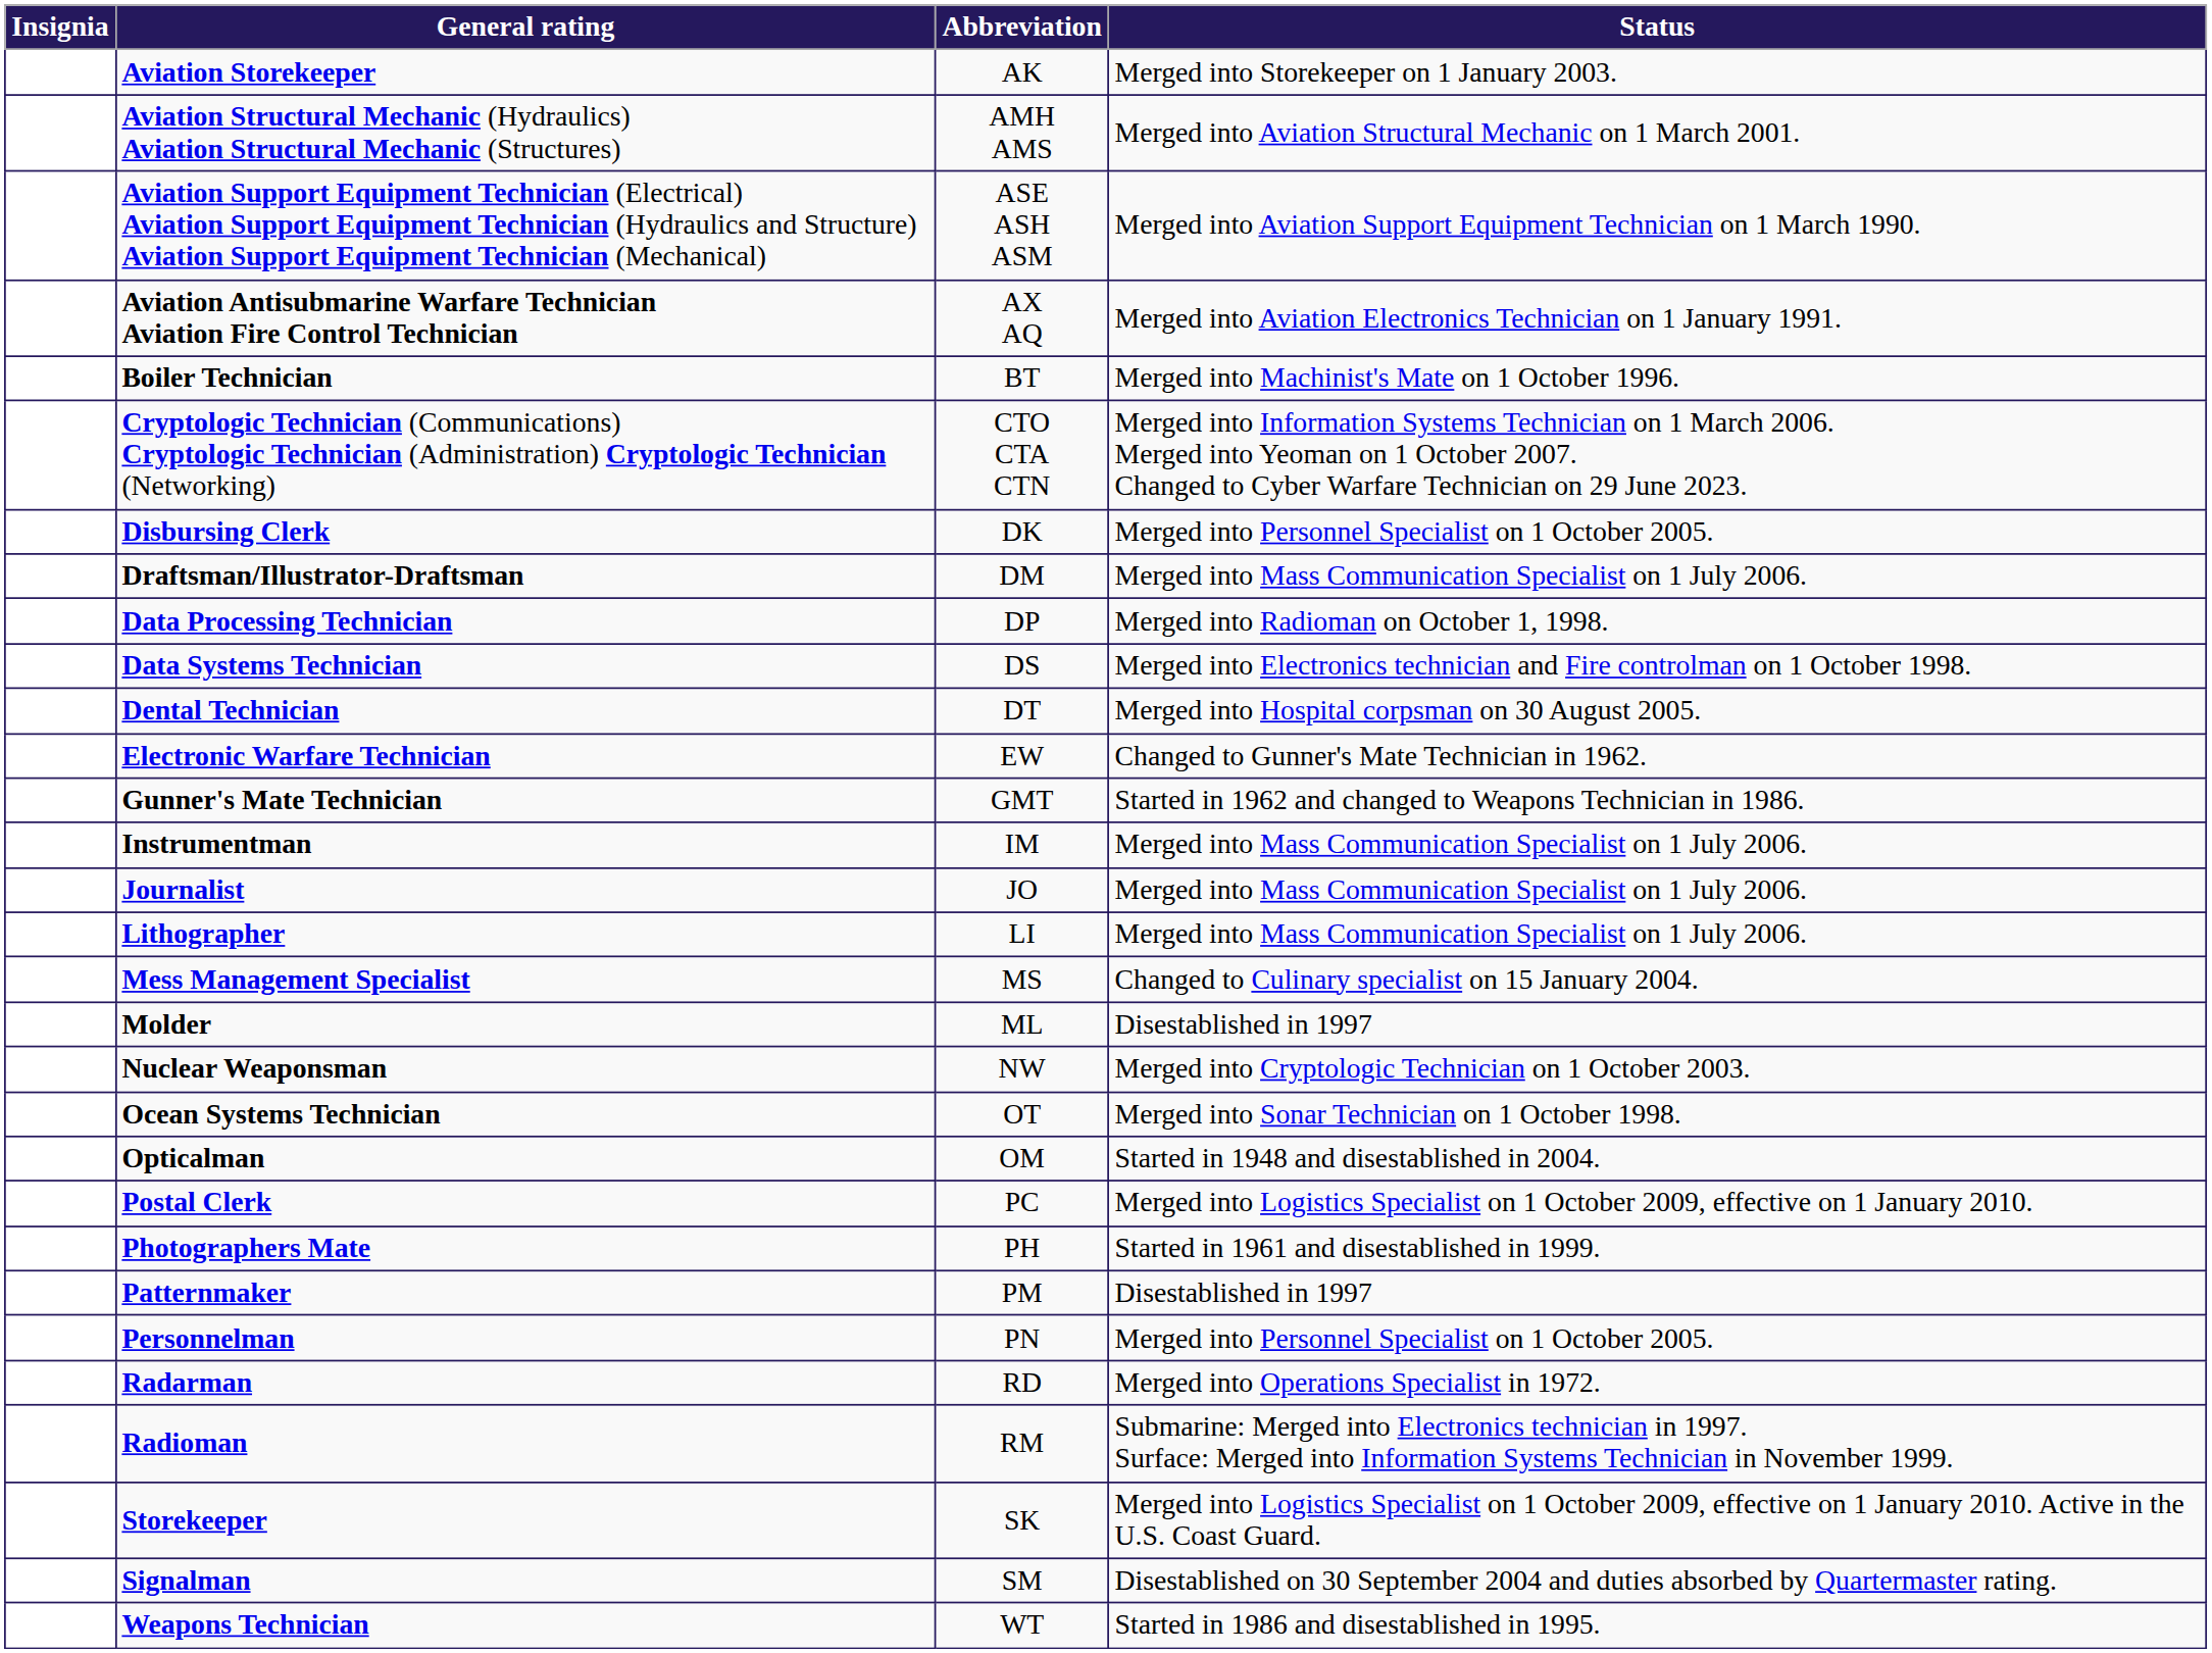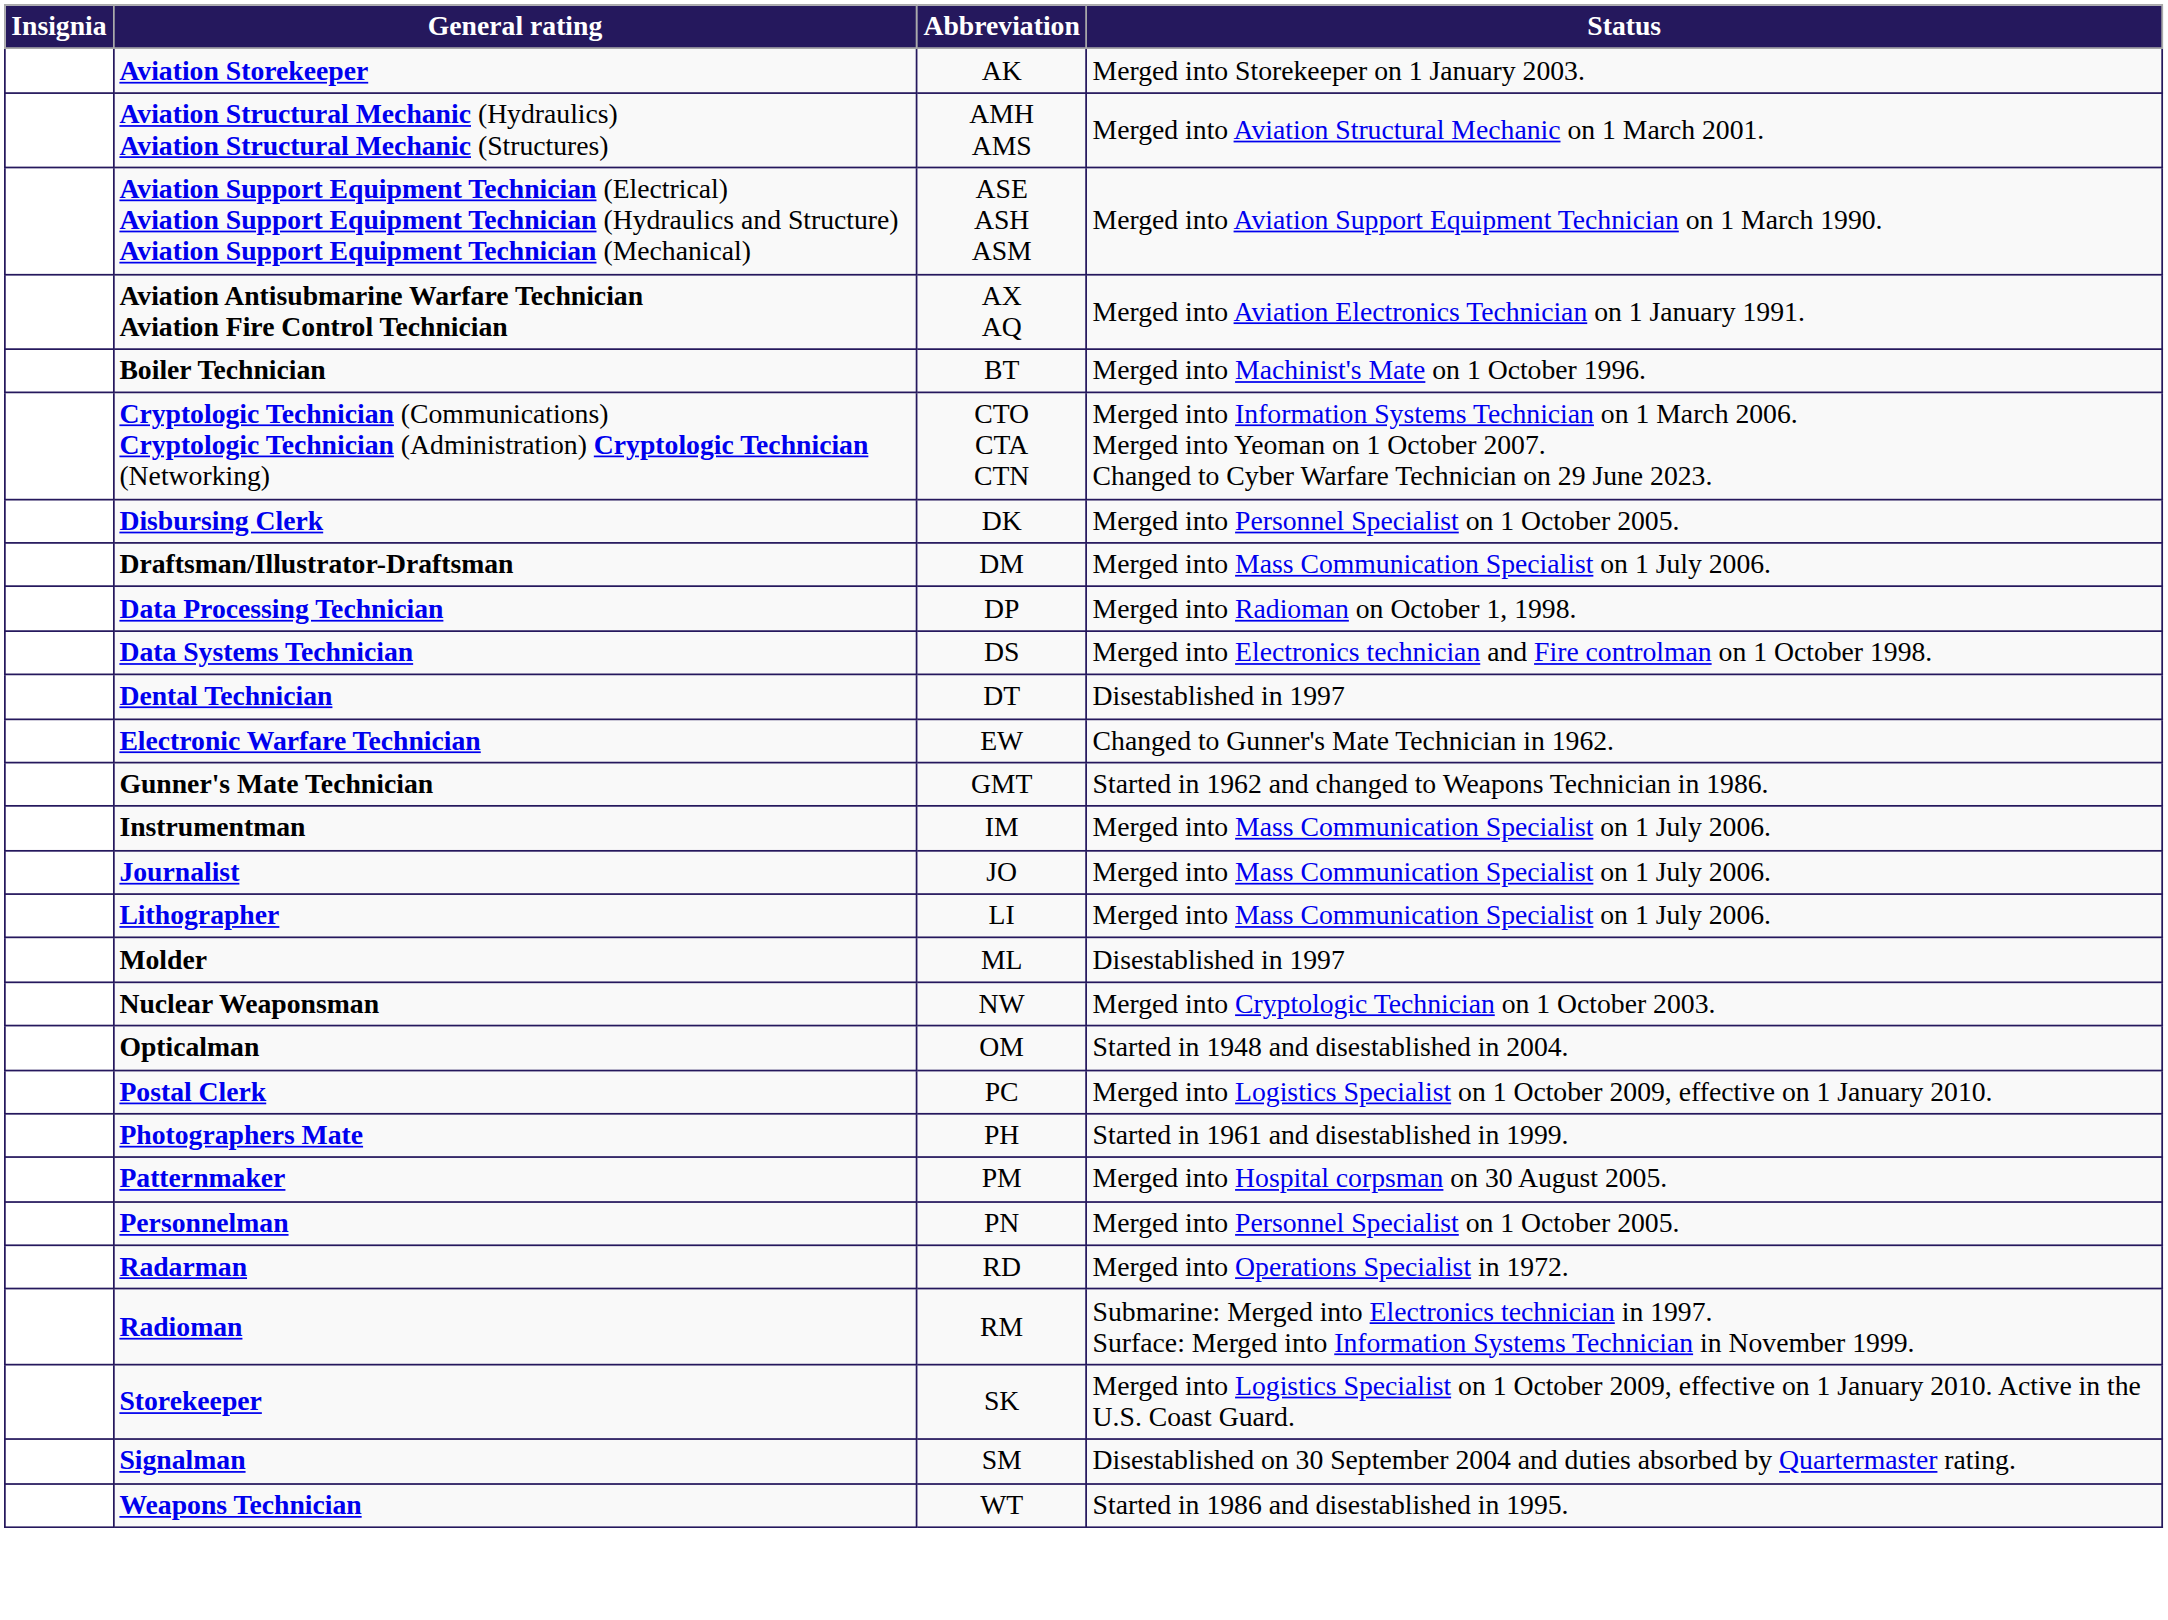 <table class="wikitable" style="border:#25185d;">
 <tr>
 <th style="background:#25185d; color:white;">Insignia</th>
 <th style="background:#25185d; color:white;">General rating</th>
 <th style="background:#25185d; color:white;">Abbreviation</th>
 <th style="background:#25185d; color:white;">Status</th>
 </tr>
 <tr>
 <td style="border:1px solid #25185d; background:#fff;"></td>
 <td style="border: 1px solid #25185d;"><strong><a href='#'>Aviation Storekeeper</a></strong></td>
 <td style="border: 1px solid #25185d; text-align: center">AK</td>
 <td style="border: 1px solid #25185d;">Merged into Storekeeper on 1 January 2003.</td>
 </tr>
 <tr>
 <td style="border:1px solid #25185d; background:#fff;"></td>
 <td style="border: 1px solid #25185d;"><strong><a href='#'>Aviation Structural Mechanic</a></strong> (Hydraulics)<br><strong><a href='#'>Aviation Structural Mechanic</a></strong> (Structures)</td>
 <td style="border: 1px solid #25185d; text-align: center">AMH<br>AMS</td>
 <td style="border: 1px solid #25185d;">Merged into <a href='#'>Aviation Structural Mechanic</a> on 1 March 2001.</td>
 </tr>
 <tr>
 <td style="border:1px solid #25185d; background:#fff;"></td>
 <td style="border: 1px solid #25185d;"><strong><a href='#'>Aviation Support Equipment Technician</a></strong> (Electrical)<br><strong><a href='#'>Aviation Support Equipment Technician</a></strong> (Hydraulics and Structure)<br><strong><a href='#'>Aviation Support Equipment Technician</a></strong> (Mechanical)</td>
 <td style="border: 1px solid #25185d; text-align: center">ASE<br>ASH<br>ASM</td>
 <td style="border: 1px solid #25185d;">Merged into <a href='#'>Aviation Support Equipment Technician</a> on 1 March 1990.</td>
 </tr>
 <tr>
 <td style="border:1px solid #25185d; background:#fff;"></td>
 <td style="border: 1px solid #25185d;"><strong>Aviation Antisubmarine Warfare Technician</strong><br><strong>Aviation Fire Control Technician</strong></td>
 <td style="border: 1px solid #25185d; text-align: center">AX<br>AQ</td>
 <td style="border: 1px solid #25185d;">Merged into <a href='#'>Aviation Electronics Technician</a> on 1 January 1991.</td>
 </tr>
 <tr>
 <td style="border:1px solid #25185d; background:#fff;"></td>
 <td style="border: 1px solid #25185d;"><strong>Boiler Technician</strong></td>
 <td style="border: 1px solid #25185d; text-align: center">BT</td>
 <td style="border: 1px solid #25185d;">Merged into <a href='#'>Machinist's Mate</a> on 1 October 1996.</td>
 </tr>
 <tr>
 <td style="border:1px solid #25185d; background:#fff;"></td>
 <td style="border: 1px solid #25185d;"><strong><a href='#'>Cryptologic Technician</a></strong> (Communications)<br><strong><a href='#'>Cryptologic Technician</a></strong> (Administration) <strong><a href='#'>Cryptologic Technician</a></strong> (Networking)</td>
 <td style="border: 1px solid #25185d; text-align: center">CTO<br>CTA  <br>CTN</td>
 <td style="border: 1px solid #25185d;">Merged into <a href='#'>Information Systems Technician</a> on 1 March 2006.<br>Merged into Yeoman on 1 October 2007. <br>Changed to Cyber Warfare Technician on 29 June 2023.</td>
 </tr>
 <tr>
 <td style="border:1px solid #25185d; background:#fff;"></td>
 <td style="border: 1px solid #25185d;"><strong><a href='#'>Disbursing Clerk</a></strong></td>
 <td style="border: 1px solid #25185d; text-align: center">DK</td>
 <td style="border: 1px solid #25185d;">Merged into <a href='#'>Personnel Specialist</a> on 1 October 2005.</td>
 </tr>
 <tr>
 <td style="border:1px solid #25185d; background:#fff;"></td>
 <td style="border: 1px solid #25185d;"><strong>Draftsman/Illustrator-Draftsman</strong></td>
 <td style="border: 1px solid #25185d; text-align: center">DM</td>
 <td style="border: 1px solid #25185d;">Merged into <a href='#'>Mass Communication Specialist</a> on 1 July 2006.</td>
 </tr>
 <tr>
 <td style="border:1px solid #25185d; background:#fff;"></td>
 <td style="border: 1px solid #25185d;"><strong><a href='#'>Data Processing Technician</a></strong></td>
 <td style="border: 1px solid #25185d; text-align: center">DP</td>
 <td style="border: 1px solid #25185d;">Merged into <a href='#'>Radioman</a> on October 1, 1998.</td>
 </tr>
 <tr>
 <td style="border:1px solid #25185d; background:#fff;"></td>
 <td style="border: 1px solid #25185d;"><strong><a href='#'>Data Systems Technician</a></strong></td>
 <td style="border: 1px solid #25185d; text-align: center">DS</td>
 <td style="border: 1px solid #25185d;">Merged into <a href='#'>Electronics technician</a> and <a href='#'>Fire controlman</a> on 1 October 1998.</td>
 </tr>
 <tr>
 <td style="border:1px solid #25185d; background:#fff;"></td>
 <td style="border: 1px solid #25185d;"><strong><a href='#'>Dental Technician</a></strong></td>
 <td style="border: 1px solid #25185d; text-align: center">DT</td>
-<td style="border: 1px solid #25185d;">Merged into <a href='#'>Hospital corpsman</a> on 30 August 2005.</td>
+<td style="border: 1px solid #25185d;">Disestablished in 1997</td>
 </tr>
 <tr>
 <td style="border:1px solid #25185d; background:#fff;"></td>
 <td style="border: 1px solid #25185d;"><strong><a href='#'>Electronic Warfare Technician</a></strong></td>
 <td style="border: 1px solid #25185d; text-align: center">EW</td>
 <td style="border: 1px solid #25185d;">Changed to Gunner's Mate Technician in 1962.</td>
 </tr>
 <tr>
 <td style="border:1px solid #25185d; background:#fff;"></td>
 <td style="border: 1px solid #25185d;"><strong>Gunner's Mate Technician</strong></td>
 <td style="border: 1px solid #25185d; text-align: center">GMT</td>
 <td style="border: 1px solid #25185d;">Started in 1962 and changed to Weapons Technician in 1986.</td>
 </tr>
 <tr>
 <td style="border:1px solid #25185d; background:#fff;"></td>
 <td style="border: 1px solid #25185d;"><strong>Instrumentman</strong></td>
 <td style="border: 1px solid #25185d; text-align: center">IM</td>
 <td style="border: 1px solid #25185d;">Merged into <a href='#'>Mass Communication Specialist</a> on 1 July 2006.</td>
 </tr>
 <tr>
 <td style="border:1px solid #25185d; background:#fff;"></td>
 <td style="border: 1px solid #25185d;"><strong><a href='#'>Journalist</a></strong></td>
 <td style="border: 1px solid #25185d; text-align: center">JO</td>
 <td style="border: 1px solid #25185d;">Merged into <a href='#'>Mass Communication Specialist</a> on 1 July 2006.</td>
 </tr>
 <tr>
 <td style="border:1px solid #25185d; background:#fff;"></td>
 <td style="border: 1px solid #25185d;"><strong><a href='#'>Lithographer</a></strong></td>
 <td style="border: 1px solid #25185d; text-align: center">LI</td>
 <td style="border: 1px solid #25185d;">Merged into <a href='#'>Mass Communication Specialist</a> on 1 July 2006.</td>
 </tr>
 <tr>
 <td style="border:1px solid #25185d; background:#fff;"></td>
-<td style="border: 1px solid #25185d;"><strong><a href='#'>Mess Management Specialist</a></strong></td>
-<td style="border: 1px solid #25185d; text-align: center">MS</td>
-<td style="border: 1px solid #25185d;">Changed to <a href='#'>Culinary specialist</a> on 15 January 2004.</td>
-</tr>
-<tr>
-<td style="border:1px solid #25185d; background:#fff;"></td>
 <td style="border: 1px solid #25185d;"><strong>Molder</strong></td>
 <td style="border: 1px solid #25185d; text-align: center">ML</td>
 <td style="border: 1px solid #25185d;">Disestablished in 1997</td>
 </tr>
 <tr>
 <td style="border:1px solid #25185d; background:#fff;"></td>
 <td style="border: 1px solid #25185d;"><strong>Nuclear Weaponsman</strong></td>
 <td style="border: 1px solid #25185d; text-align: center">NW</td>
 <td style="border: 1px solid #25185d;">Merged into <a href='#'>Cryptologic Technician</a> on 1 October 2003.</td>
-</tr>
-<tr>
-<td style="border:1px solid #25185d; background:#fff;"></td>
-<td style="border: 1px solid #25185d;"><strong>Ocean Systems Technician</strong></td>
-<td style="border: 1px solid #25185d; text-align: center">OT</td>
-<td style="border: 1px solid #25185d;">Merged into <a href='#'>Sonar Technician</a> on 1 October 1998.</td>
 </tr>
 <tr>
 <td style="border:1px solid #25185d; background:#fff;"></td>
 <td style="border: 1px solid #25185d;"><strong>Opticalman</strong></td>
 <td style="border: 1px solid #25185d; text-align: center">OM</td>
 <td style="border: 1px solid #25185d;">Started in 1948 and disestablished in 2004.</td>
 </tr>
 <tr>
 <td style="border:1px solid #25185d; background:#fff;"></td>
 <td style="border: 1px solid #25185d;"><strong><a href='#'>Postal Clerk</a></strong></td>
 <td style="border: 1px solid #25185d; text-align: center">PC</td>
 <td style="border: 1px solid #25185d;">Merged into <a href='#'>Logistics Specialist</a> on 1 October 2009, effective on 1 January 2010.</td>
 </tr>
 <tr>
 <td style="border:1px solid #25185d; background:#fff;"></td>
 <td style="border: 1px solid #25185d;"><strong><a href='#'>Photographers Mate</a></strong></td>
 <td style="border: 1px solid #25185d; text-align: center">PH</td>
 <td style="border: 1px solid #25185d;">Started in 1961 and disestablished in 1999.</td>
 </tr>
 <tr>
 <td style="border:1px solid #25185d; background:#fff;"></td>
 <td style="border: 1px solid #25185d;"><strong><a href='#'>Patternmaker</a></strong></td>
 <td style="border: 1px solid #25185d; text-align: center">PM</td>
-<td style="border: 1px solid #25185d;">Disestablished in 1997</td>
+<td style="border: 1px solid #25185d;">Merged into <a href='#'>Hospital corpsman</a> on 30 August 2005.</td>
 </tr>
 <tr>
 <td style="border:1px solid #25185d; background:#fff;"></td>
 <td style="border: 1px solid #25185d;"><strong><a href='#'>Personnelman</a></strong></td>
 <td style="border: 1px solid #25185d; text-align: center">PN</td>
 <td style="border: 1px solid #25185d;">Merged into <a href='#'>Personnel Specialist</a> on 1 October 2005.</td>
 </tr>
 <tr>
 <td style="border:1px solid #25185d; background:#fff;"></td>
 <td style="border: 1px solid #25185d;"><strong><a href='#'>Radarman</a></strong></td>
 <td style="border: 1px solid #25185d; text-align: center">RD</td>
 <td style="border: 1px solid #25185d;">Merged into <a href='#'>Operations Specialist</a> in 1972.</td>
 </tr>
 <tr>
 <td style="border:1px solid #25185d; background:#fff;"></td>
 <td style="border: 1px solid #25185d;"><strong><a href='#'>Radioman</a></strong></td>
 <td style="border: 1px solid #25185d; text-align: center">RM</td>
 <td style="border: 1px solid #25185d;">Submarine: Merged into <a href='#'>Electronics technician</a> in 1997.<br>Surface: Merged into <a href='#'>Information Systems Technician</a> in November 1999.</td>
 </tr>
 <tr>
 <td style="border:1px solid #25185d; background:#fff;"></td>
 <td style="border: 1px solid #25185d;"><strong><a href='#'>Storekeeper</a></strong></td>
 <td style="border: 1px solid #25185d; text-align: center">SK</td>
 <td style="border: 1px solid #25185d;">Merged into <a href='#'>Logistics Specialist</a> on 1 October 2009, effective on 1 January 2010. Active in the U.S. Coast Guard.</td>
 </tr>
 <tr>
 <td style="border:1px solid #25185d; background:#fff;"></td>
 <td style="border: 1px solid #25185d;"><strong><a href='#'>Signalman</a></strong></td>
 <td style="border: 1px solid #25185d; text-align: center">SM</td>
 <td style="border: 1px solid #25185d;">Disestablished on 30 September 2004 and duties absorbed by <a href='#'>Quartermaster</a> rating.</td>
 </tr>
 <tr>
 <td style="border:1px solid #25185d; background:#fff;"></td>
 <td style="border: 1px solid #25185d;"><strong><a href='#'>Weapons Technician</a></strong></td>
 <td style="border: 1px solid #25185d; text-align: center">WT</td>
 <td style="border: 1px solid #25185d;">Started in 1986 and disestablished in 1995.</td>
 </tr>
 </table>
